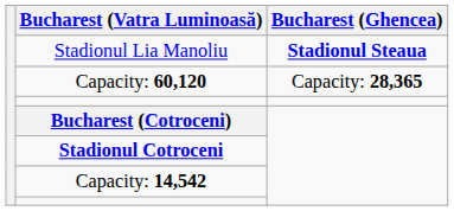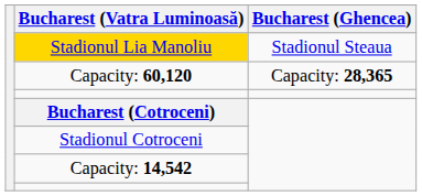 <table class="wikitable" style="text-align:center; clear:both; margin:0 auto">
 <tr>
 <th rowspan=8 colspan=1><br></th>
 <th><a href='#'>Bucharest</a> (<a href='#'>Vatra Luminoasă</a>)</th>
 <th><a href='#'>Bucharest</a> (<a href='#'>Ghencea</a>)</th>
 </tr>
 <tr>
-<td><a href='#'>Stadionul Lia Manoliu</a></td>
-<td><strong><a href='#'>Stadionul Steaua</a></strong></td>
+<td style="background: gold;"><a href='#'>Stadionul Lia Manoliu</a></td>
+<td><a href='#'>Stadionul Steaua</a></td>
 </tr>
 <tr>
 <td>Capacity: <strong>60,120</strong></td>
 <td>Capacity: <strong>28,365</strong></td>
 </tr>
 <tr>
 <td></td>
 <td></td>
 </tr>
 <tr>
 <th><a href='#'>Bucharest</a> (<a href='#'>Cotroceni</a>)</th>
 </tr>
 <tr>
-<td><strong><a href='#'>Stadionul Cotroceni</a></strong></td>
+<td><a href='#'>Stadionul Cotroceni</a></td>
 </tr>
 <tr>
 <td>Capacity: <strong>14,542</strong></td>
 </tr>
 <tr>
 <td></td>
 </tr>
 </table>
